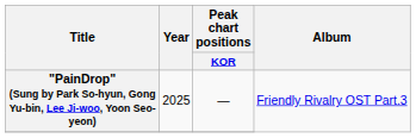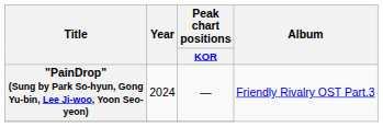 <table class="wikitable plainrowheaders" style="text-align:center">
 <tr>
 <th rowspan="2" style="width:12em;">Title</th>
 <th rowspan="2">Year</th>
 <th colspan="1">Peak chart positions</th>
 <th rowspan="2">Album</th>
 </tr>
 <tr>
 <th scope="col" style="width:3em;font-size:90%;"><a href='#'>KOR</a></th>
 </tr>
 <tr>
 <th scope="row">"PainDrop"<br><small>(Sung by Park So-hyun, Gong Yu-bin, <a href='#'>Lee Ji-woo</a>, Yoon Seo-yeon)</small></th>
-<td rowspan="1">2025</td>
+<td rowspan="1">2024</td>
 <td>—</td>
 <td rowspan="2"><a href='#'>Friendly Rivalry OST Part.3</a></td>
 </tr>
 <tr>
 </tr>
 </table>
